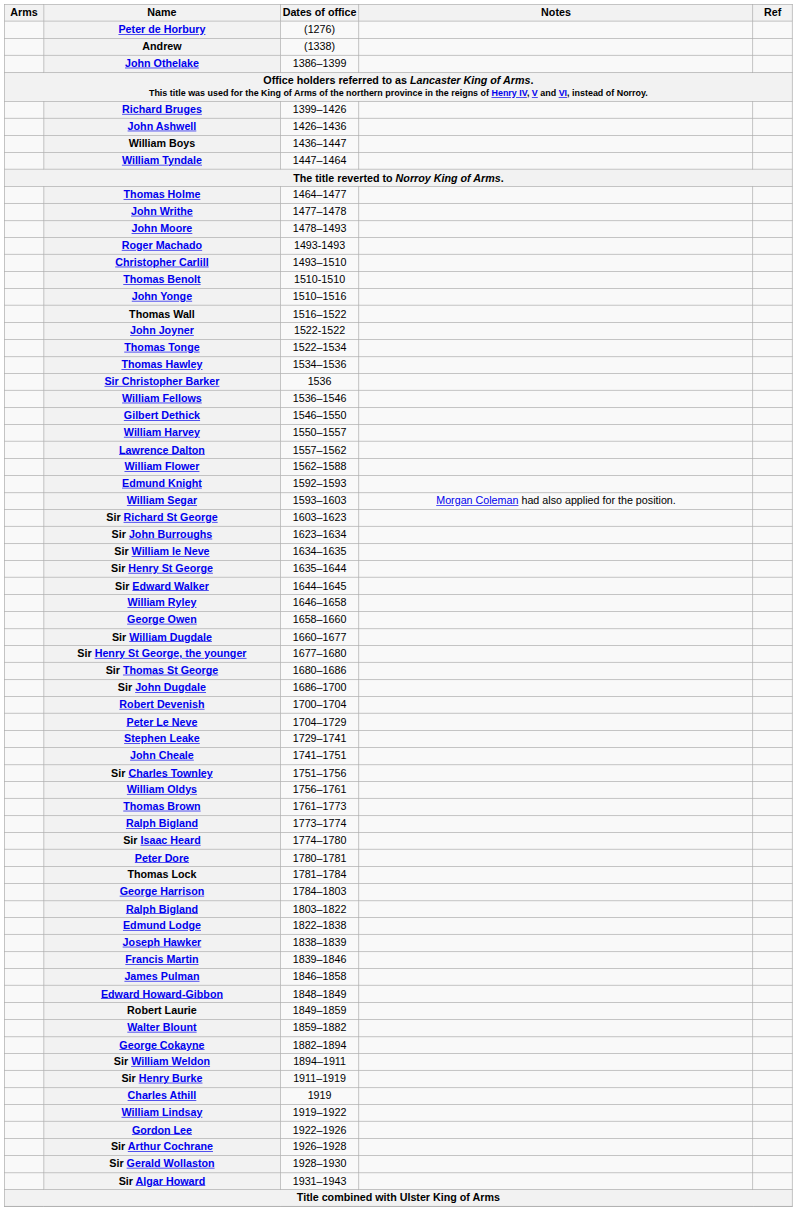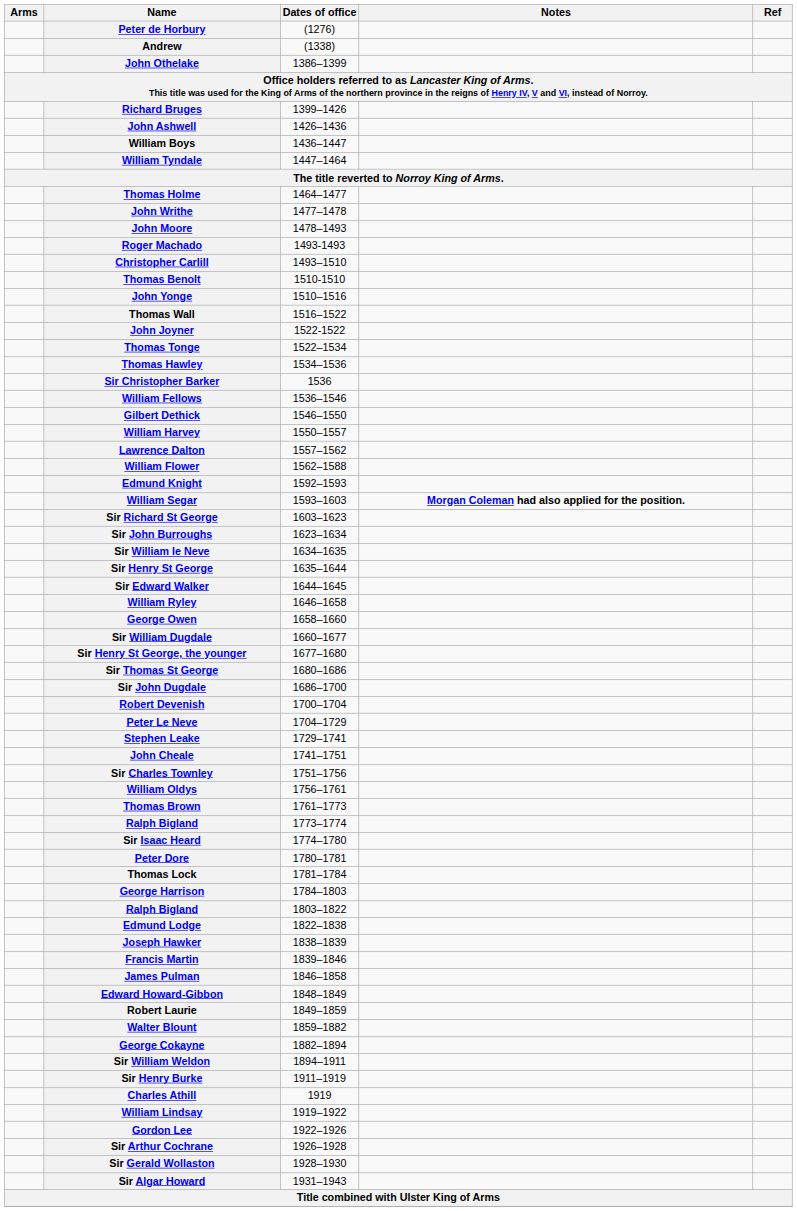 <table class="wikitable" style="text-align:center">
 <tr>
 <th style="width:5%">Arms</th>
 <th style="width:30%">Name</th>
 <th style="width:10%">Dates of office</th>
 <th style="width:50%">Notes</th>
 <th style="width:5%">Ref</th>
 </tr>
 <tr>
 <td></td>
 <th><a href='#'>Peter de Horbury</a></th>
 <td>(1276)</td>
 <td></td>
 <td></td>
 </tr>
 <tr>
 <td></td>
 <th>Andrew</th>
 <td>(1338)</td>
 <td></td>
 <td></td>
 </tr>
 <tr>
 <td></td>
 <th><a href='#'>John Othelake</a></th>
 <td>1386–1399</td>
 <td></td>
 <td></td>
 </tr>
 <tr>
 <th colspan="5" align="center">Office holders referred to as <em>Lancaster King of Arms</em>.<br><small>This title was used for the King of Arms of the northern province in the reigns of <a href='#'>Henry IV</a>, <a href='#'>V</a> and <a href='#'>VI</a>, instead of Norroy.</small></th>
 </tr>
 <tr>
 <td></td>
 <th><a href='#'>Richard Bruges</a></th>
 <td>1399–1426</td>
 <td></td>
 <td></td>
 </tr>
 <tr>
 <td></td>
 <th><a href='#'>John Ashwell</a></th>
 <td>1426–1436</td>
 <td></td>
 <td></td>
 </tr>
 <tr>
 <td></td>
 <th>William Boys</th>
 <td>1436–1447</td>
 <td></td>
 <td></td>
 </tr>
 <tr>
 <td></td>
 <th><a href='#'>William Tyndale</a></th>
 <td>1447–1464</td>
 <td></td>
 <td></td>
 </tr>
 <tr>
 <th colspan="5" align="center">The title reverted to <em>Norroy King of Arms</em>.</th>
 </tr>
 <tr>
 <td></td>
 <th><a href='#'>Thomas Holme</a></th>
 <td>1464–1477</td>
 <td></td>
 <td></td>
 </tr>
 <tr>
 <td></td>
 <th><a href='#'>John Writhe</a></th>
 <td>1477–1478</td>
 <td></td>
 <td></td>
 </tr>
 <tr>
 <td></td>
 <th><a href='#'>John Moore</a></th>
 <td>1478–1493</td>
 <td></td>
 <td></td>
 </tr>
 <tr>
 <td></td>
 <th><a href='#'>Roger Machado</a></th>
 <td>1493-1493</td>
 <td></td>
 <td></td>
 </tr>
 <tr>
 <td></td>
 <th><a href='#'>Christopher Carlill</a></th>
 <td>1493–1510</td>
 <td></td>
 <td></td>
 </tr>
 <tr>
 <td></td>
 <th><a href='#'>Thomas Benolt</a></th>
 <td>1510-1510</td>
 <td></td>
 <td></td>
 </tr>
 <tr>
 <td></td>
 <th><a href='#'>John Yonge</a></th>
 <td>1510–1516</td>
 <td></td>
 <td></td>
 </tr>
 <tr>
 <td></td>
 <th>Thomas Wall</th>
 <td>1516–1522</td>
 <td></td>
 <td></td>
 </tr>
 <tr>
 <td></td>
 <th><a href='#'>John Joyner</a></th>
 <td>1522-1522</td>
 <td></td>
 <td></td>
 </tr>
 <tr>
 <td></td>
 <th><a href='#'>Thomas Tonge</a></th>
 <td>1522–1534</td>
 <td></td>
 <td></td>
 </tr>
 <tr>
 <td></td>
 <th><a href='#'>Thomas Hawley</a></th>
 <td>1534–1536</td>
 <td></td>
 <td></td>
 </tr>
 <tr>
 <td></td>
 <th><a href='#'>Sir Christopher Barker</a></th>
 <td>1536</td>
 <td></td>
 <td></td>
 </tr>
 <tr>
 <td></td>
 <th><a href='#'>William Fellows</a></th>
 <td>1536–1546</td>
 <td></td>
 <td></td>
 </tr>
 <tr>
 <td></td>
 <th><a href='#'>Gilbert Dethick</a></th>
 <td>1546–1550</td>
 <td></td>
 <td></td>
 </tr>
 <tr>
 <td></td>
 <th><a href='#'>William Harvey</a></th>
 <td>1550–1557</td>
 <td></td>
 <td></td>
 </tr>
 <tr>
 <td></td>
 <th><a href='#'>Lawrence Dalton</a></th>
 <td>1557–1562</td>
 <td></td>
 <td></td>
 </tr>
 <tr>
 <td></td>
 <th><a href='#'>William Flower</a></th>
 <td>1562–1588</td>
 <td></td>
 <td></td>
 </tr>
 <tr>
 <td></td>
 <th><a href='#'>Edmund Knight</a></th>
 <td>1592–1593</td>
 <td></td>
 <td></td>
 </tr>
 <tr>
 <td></td>
 <th><a href='#'>William Segar</a></th>
 <td>1593–1603</td>
-<td><a href='#'>Morgan Coleman</a> had also applied for the position.</td>
+<td><strong><a href='#'>Morgan Coleman</a> had also applied for the position.</strong></td>
 <td></td>
 </tr>
 <tr>
 <td></td>
 <th>Sir <a href='#'>Richard St George</a></th>
 <td>1603–1623</td>
 <td></td>
 <td></td>
 </tr>
 <tr>
 <td></td>
 <th>Sir <a href='#'>John Burroughs</a></th>
 <td>1623–1634</td>
 <td></td>
 <td></td>
 </tr>
 <tr>
 <td></td>
 <th>Sir <a href='#'>William le Neve</a></th>
 <td>1634–1635</td>
 <td></td>
 <td></td>
 </tr>
 <tr>
 <td></td>
 <th>Sir <a href='#'>Henry St George</a></th>
 <td>1635–1644</td>
 <td></td>
 <td></td>
 </tr>
 <tr>
 <td></td>
 <th>Sir <a href='#'>Edward Walker</a></th>
 <td>1644–1645</td>
 <td></td>
 <td></td>
 </tr>
 <tr>
 <td></td>
 <th><a href='#'>William Ryley</a></th>
 <td>1646–1658</td>
 <td></td>
 <td></td>
 </tr>
 <tr>
 <td></td>
 <th><a href='#'>George Owen</a></th>
 <td>1658–1660</td>
 <td></td>
 <td></td>
 </tr>
 <tr>
 <td></td>
 <th>Sir <a href='#'>William Dugdale</a></th>
 <td>1660–1677</td>
 <td></td>
 <td></td>
 </tr>
 <tr>
 <td></td>
 <th>Sir <a href='#'>Henry St George, the younger</a></th>
 <td>1677–1680</td>
 <td></td>
 <td></td>
 </tr>
 <tr>
 <td></td>
 <th>Sir <a href='#'>Thomas St George</a></th>
 <td>1680–1686</td>
 <td></td>
 <td></td>
 </tr>
 <tr>
 <td></td>
 <th>Sir <a href='#'>John Dugdale</a></th>
 <td>1686–1700</td>
 <td></td>
 <td></td>
 </tr>
 <tr>
 <td></td>
 <th><a href='#'>Robert Devenish</a></th>
 <td>1700–1704</td>
 <td></td>
 <td></td>
 </tr>
 <tr>
 <td></td>
 <th><a href='#'>Peter Le Neve</a></th>
 <td>1704–1729</td>
 <td></td>
 <td></td>
 </tr>
 <tr>
 <td></td>
 <th><a href='#'>Stephen Leake</a></th>
 <td>1729–1741</td>
 <td></td>
 <td></td>
 </tr>
 <tr>
 <td></td>
 <th><a href='#'>John Cheale</a></th>
 <td>1741–1751</td>
 <td></td>
 <td></td>
 </tr>
 <tr>
 <td></td>
 <th>Sir <a href='#'>Charles Townley</a></th>
 <td>1751–1756</td>
 <td></td>
 <td></td>
 </tr>
 <tr>
 <td></td>
 <th><a href='#'>William Oldys</a></th>
 <td>1756–1761</td>
 <td></td>
 <td></td>
 </tr>
 <tr>
 <td></td>
 <th><a href='#'>Thomas Brown</a></th>
 <td>1761–1773</td>
 <td></td>
 <td></td>
 </tr>
 <tr>
 <td></td>
 <th><a href='#'>Ralph Bigland</a></th>
 <td>1773–1774</td>
 <td></td>
 <td></td>
 </tr>
 <tr>
 <td></td>
 <th>Sir <a href='#'>Isaac Heard</a></th>
 <td>1774–1780</td>
 <td></td>
 <td></td>
 </tr>
 <tr>
 <td></td>
 <th><a href='#'>Peter Dore</a></th>
 <td>1780–1781</td>
 <td></td>
 <td></td>
 </tr>
 <tr>
 <td></td>
 <th>Thomas Lock</th>
 <td>1781–1784</td>
 <td></td>
 <td></td>
 </tr>
 <tr>
 <td></td>
 <th><a href='#'>George Harrison</a></th>
 <td>1784–1803</td>
 <td></td>
 <td></td>
 </tr>
 <tr>
 <td></td>
 <th><a href='#'>Ralph Bigland</a></th>
 <td>1803–1822</td>
 <td></td>
 <td></td>
 </tr>
 <tr>
 <td></td>
 <th><a href='#'>Edmund Lodge</a></th>
 <td>1822–1838</td>
 <td></td>
 <td></td>
 </tr>
 <tr>
 <td></td>
 <th><a href='#'>Joseph Hawker</a></th>
 <td>1838–1839</td>
 <td></td>
 <td></td>
 </tr>
 <tr>
 <td></td>
 <th><a href='#'>Francis Martin</a></th>
 <td>1839–1846</td>
 <td></td>
 <td></td>
 </tr>
 <tr>
 <td></td>
 <th><a href='#'>James Pulman</a></th>
 <td>1846–1858</td>
 <td></td>
 <td></td>
 </tr>
 <tr>
 <td></td>
 <th><a href='#'>Edward Howard-Gibbon</a></th>
 <td>1848–1849</td>
 <td></td>
 <td></td>
 </tr>
 <tr>
 <td></td>
 <th>Robert Laurie</th>
 <td>1849–1859</td>
 <td></td>
 <td></td>
 </tr>
 <tr>
 <td></td>
 <th><a href='#'>Walter Blount</a></th>
 <td>1859–1882</td>
 <td></td>
 <td></td>
 </tr>
 <tr>
 <td></td>
 <th><a href='#'>George Cokayne</a></th>
 <td>1882–1894</td>
 <td></td>
 <td></td>
 </tr>
 <tr>
 <td></td>
 <th>Sir <a href='#'>William Weldon</a></th>
 <td>1894–1911</td>
 <td></td>
 <td></td>
 </tr>
 <tr>
 <td></td>
 <th>Sir <a href='#'>Henry Burke</a></th>
 <td>1911–1919</td>
 <td></td>
 <td></td>
 </tr>
 <tr>
 <td></td>
 <th><a href='#'>Charles Athill</a></th>
 <td>1919</td>
 <td></td>
 <td></td>
 </tr>
 <tr>
 <td></td>
 <th><a href='#'>William Lindsay</a></th>
 <td>1919–1922</td>
 <td></td>
 <td></td>
 </tr>
 <tr>
 <td></td>
 <th><a href='#'>Gordon Lee</a></th>
 <td>1922–1926</td>
 <td></td>
 <td></td>
 </tr>
 <tr>
 <td></td>
 <th>Sir <a href='#'>Arthur Cochrane</a></th>
 <td>1926–1928</td>
 <td></td>
 <td></td>
 </tr>
 <tr>
 <td></td>
 <th>Sir <a href='#'>Gerald Wollaston</a></th>
 <td>1928–1930</td>
 <td></td>
 <td></td>
 </tr>
 <tr>
 <td></td>
 <th>Sir <a href='#'>Algar Howard</a></th>
 <td>1931–1943</td>
 <td></td>
 <td></td>
 </tr>
 <tr>
 <th colspan="5" align="center">Title combined with Ulster King of Arms</th>
 </tr>
 <tr>
 </tr>
 </table>
